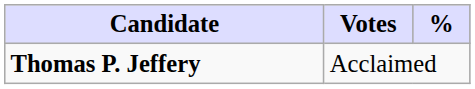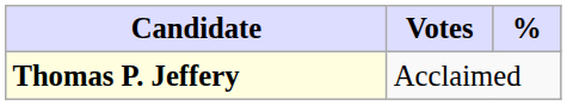 <table class="wikitable">
 <tr>
 <th style="background:#ddf; width:200px;">Candidate</th>
 <th style="background:#ddf; width:50px;">Votes</th>
 <th style="background:#ddf; width:30px;">%</th>
 </tr>
 <tr>
-<td><strong>Thomas P. Jeffery</strong></td>
+<td style="background: lightyellow;"><strong>Thomas P. Jeffery</strong></td>
 <td colspan="2">Acclaimed</td>
 </tr>
 </table>
